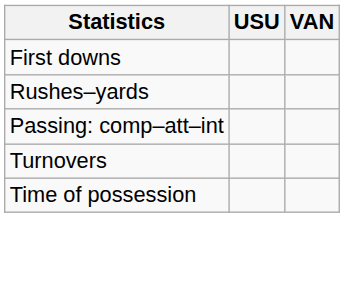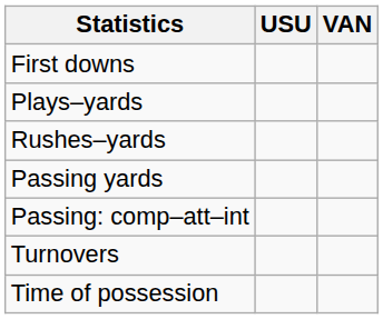 <table class="wikitable" style="float:left">
 <tr>
 <th>Statistics</th>
 <th>USU</th>
 <th>VAN</th>
 </tr>
 <tr>
 <td>First downs</td>
 <td></td>
 <td></td>
 </tr>
 <tr>
+<td>Plays–yards</td>
+<td></td>
+<td></td>
+</tr>
+<tr>
 <td>Rushes–yards</td>
+<td></td>
+<td></td>
+</tr>
+<tr>
+<td>Passing yards</td>
 <td></td>
 <td></td>
 </tr>
 <tr>
 <td>Passing: comp–att–int</td>
 <td></td>
 <td></td>
 </tr>
 <tr>
 <td>Turnovers</td>
 <td></td>
 <td></td>
 </tr>
 <tr>
 <td>Time of possession</td>
 <td></td>
 <td></td>
 </tr>
 </table>
